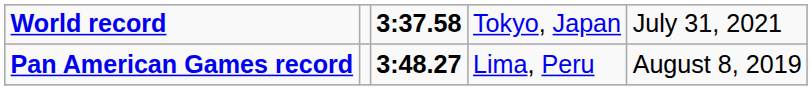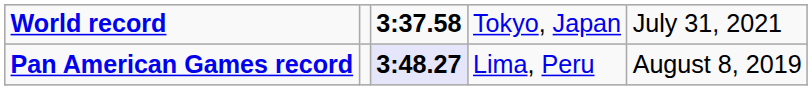 <table class="wikitable">
 <tr>
 <td><strong><a href='#'>World record</a></strong></td>
 <td></td>
 <td><strong>3:37.58</strong></td>
 <td><a href='#'>Tokyo</a>, <a href='#'>Japan</a></td>
 <td>July 31, 2021</td>
 </tr>
 <tr>
 <td><strong><a href='#'>Pan American Games record</a></strong></td>
 <td></td>
-<td><strong>3:48.27</strong></td>
+<td style="background: lavender;"><strong>3:48.27</strong></td>
 <td><a href='#'>Lima</a>, <a href='#'>Peru</a></td>
 <td>August 8, 2019</td>
 </tr>
 </table>
